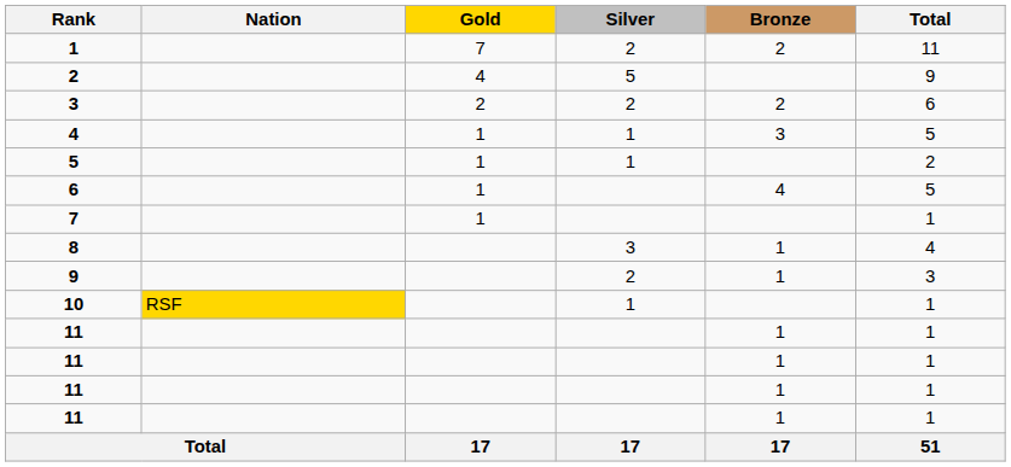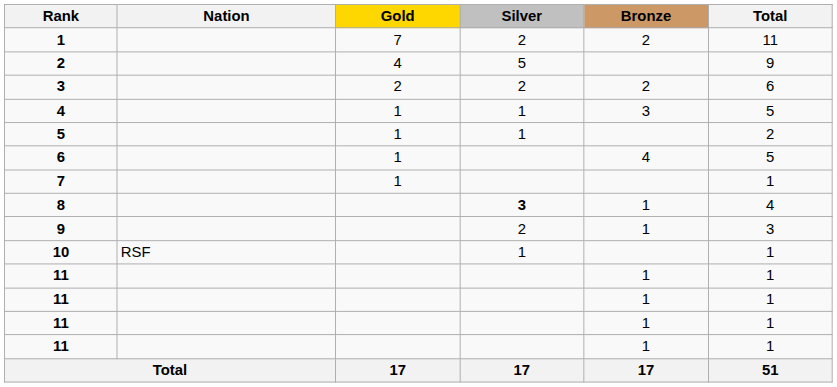 <table class="wikitable collapsible autocollapse plainrowheaders" width=70.5% style="text-align:center;">
 <tr style="background-color:#EDEDED;">
 <th width=100px class="hintergrundfarbe5">Rank</th>
 <th width=200px class="hintergrundfarbe6">Nation</th>
 <th style="background:    gold; width:15%">Gold</th>
 <th style="background:  silver; width:15%">Silver</th>
 <th style="background: #CC9966; width:15%">Bronze</th>
 <th class="hintergrundfarbe6" style="width:15%">Total</th>
 </tr>
 <tr>
 <td><strong>1</strong></td>
 <td align=left></td>
 <td>7</td>
 <td>2</td>
 <td>2</td>
 <td>11</td>
 </tr>
 <tr>
 <td><strong>2</strong></td>
 <td align=left></td>
 <td>4</td>
 <td>5</td>
 <td></td>
 <td>9</td>
 </tr>
 <tr>
 <td><strong>3</strong></td>
 <td align=left></td>
 <td>2</td>
 <td>2</td>
 <td>2</td>
 <td>6</td>
 </tr>
 <tr>
 <td><strong>4</strong></td>
 <td align=left></td>
 <td>1</td>
 <td>1</td>
 <td>3</td>
 <td>5</td>
 </tr>
 <tr>
 <td><strong>5</strong></td>
 <td align=left></td>
 <td>1</td>
 <td>1</td>
 <td></td>
 <td>2</td>
 </tr>
 <tr>
 <td><strong>6</strong></td>
 <td align=left></td>
 <td>1</td>
 <td></td>
 <td>4</td>
 <td>5</td>
 </tr>
 <tr>
 <td><strong>7</strong></td>
 <td align=left></td>
 <td>1</td>
 <td></td>
 <td></td>
 <td>1</td>
 </tr>
 <tr>
 <td><strong>8</strong></td>
 <td align=left></td>
 <td></td>
-<td>3</td>
+<td><strong>3</strong></td>
 <td>1</td>
 <td>4</td>
 </tr>
 <tr>
 <td><strong>9</strong></td>
 <td align=left></td>
 <td></td>
 <td>2</td>
 <td>1</td>
 <td>3</td>
 </tr>
 <tr>
 <td><strong>10</strong></td>
-<td align=left style="background: gold;">RSF</td>
+<td align=left>RSF</td>
 <td></td>
 <td>1</td>
 <td></td>
 <td>1</td>
 </tr>
 <tr>
 <td><strong>11</strong></td>
 <td align=left></td>
 <td></td>
 <td></td>
 <td>1</td>
 <td>1</td>
 </tr>
 <tr>
 <td><strong>11</strong></td>
 <td align=left></td>
 <td></td>
 <td></td>
 <td>1</td>
 <td>1</td>
 </tr>
 <tr>
 <td><strong>11</strong></td>
 <td align=left></td>
 <td></td>
 <td></td>
 <td>1</td>
 <td>1</td>
 </tr>
 <tr>
 <td><strong>11</strong></td>
 <td align=left></td>
 <td></td>
 <td></td>
 <td>1</td>
 <td>1</td>
 </tr>
 <tr>
 <th colspan=2>Total</th>
 <th>17</th>
 <th>17</th>
 <th>17</th>
 <th>51</th>
 </tr>
 </table>
